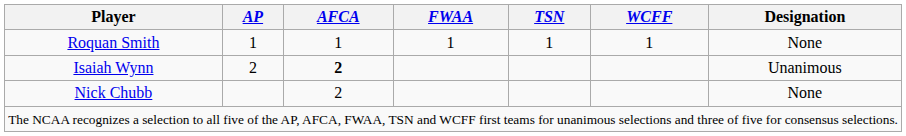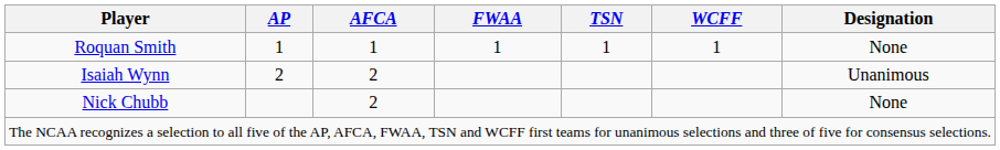 <table class="wikitable" style="text-align: center">
 <tr>
 <th style=>Player</th>
 <th style=><a href='#'><em>AP</em></a></th>
 <th style=><a href='#'><em>AFCA</em></a></th>
 <th style=><a href='#'><em>FWAA</em></a></th>
 <th style=><a href='#'><em>TSN</em></a></th>
 <th style=><a href='#'><em>WCFF</em></a></th>
 <th style=>Designation</th>
 </tr>
 <tr align="center">
 <td><a href='#'>Roquan Smith</a></td>
 <td>1</td>
 <td>1</td>
 <td>1</td>
 <td>1</td>
 <td>1</td>
 <td>None</td>
 </tr>
 <tr align="center">
 <td><a href='#'>Isaiah Wynn</a></td>
 <td>2</td>
-<td><strong>2</strong></td>
+<td>2</td>
 <td></td>
 <td></td>
 <td></td>
 <td>Unanimous</td>
 </tr>
 <tr align="center">
 <td><a href='#'>Nick Chubb</a></td>
 <td></td>
 <td>2</td>
 <td></td>
 <td></td>
 <td></td>
 <td>None</td>
 </tr>
 <tr>
 <td colspan=10style=><small>The NCAA recognizes a selection to all five of the AP, AFCA, FWAA, TSN and WCFF first teams for unanimous selections and three of five for consensus selections.</small></td>
 </tr>
 </table>
